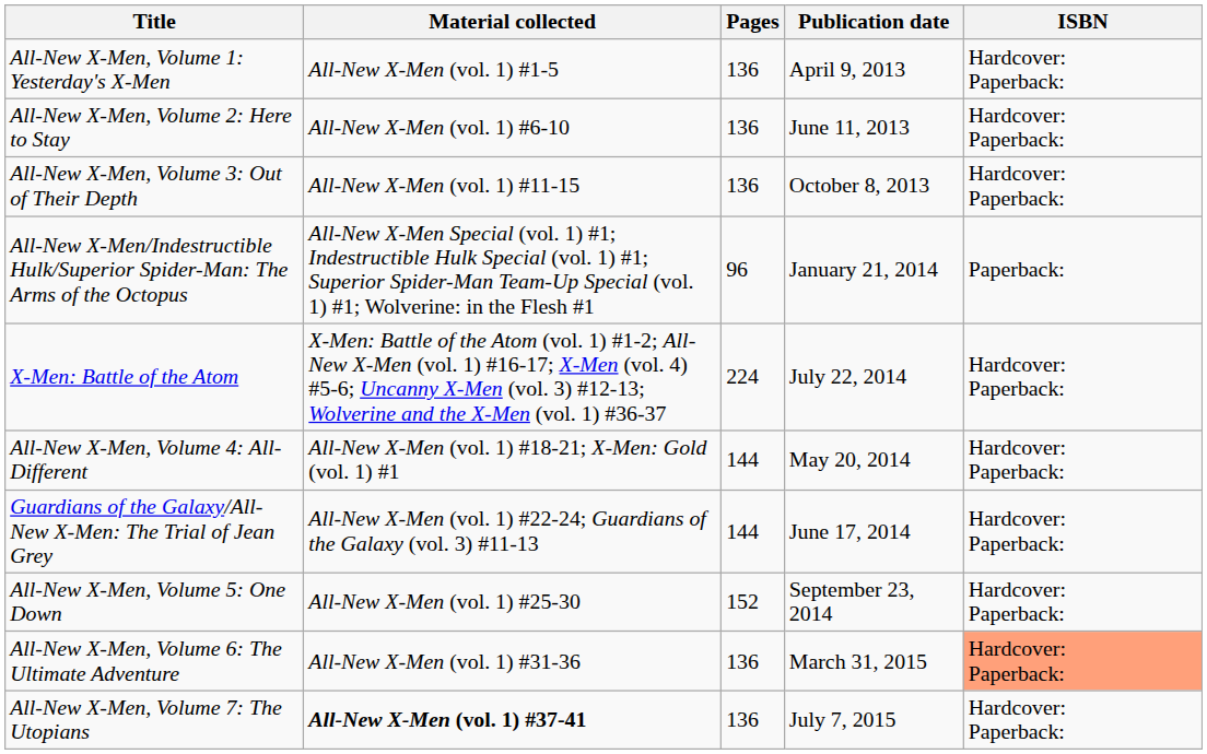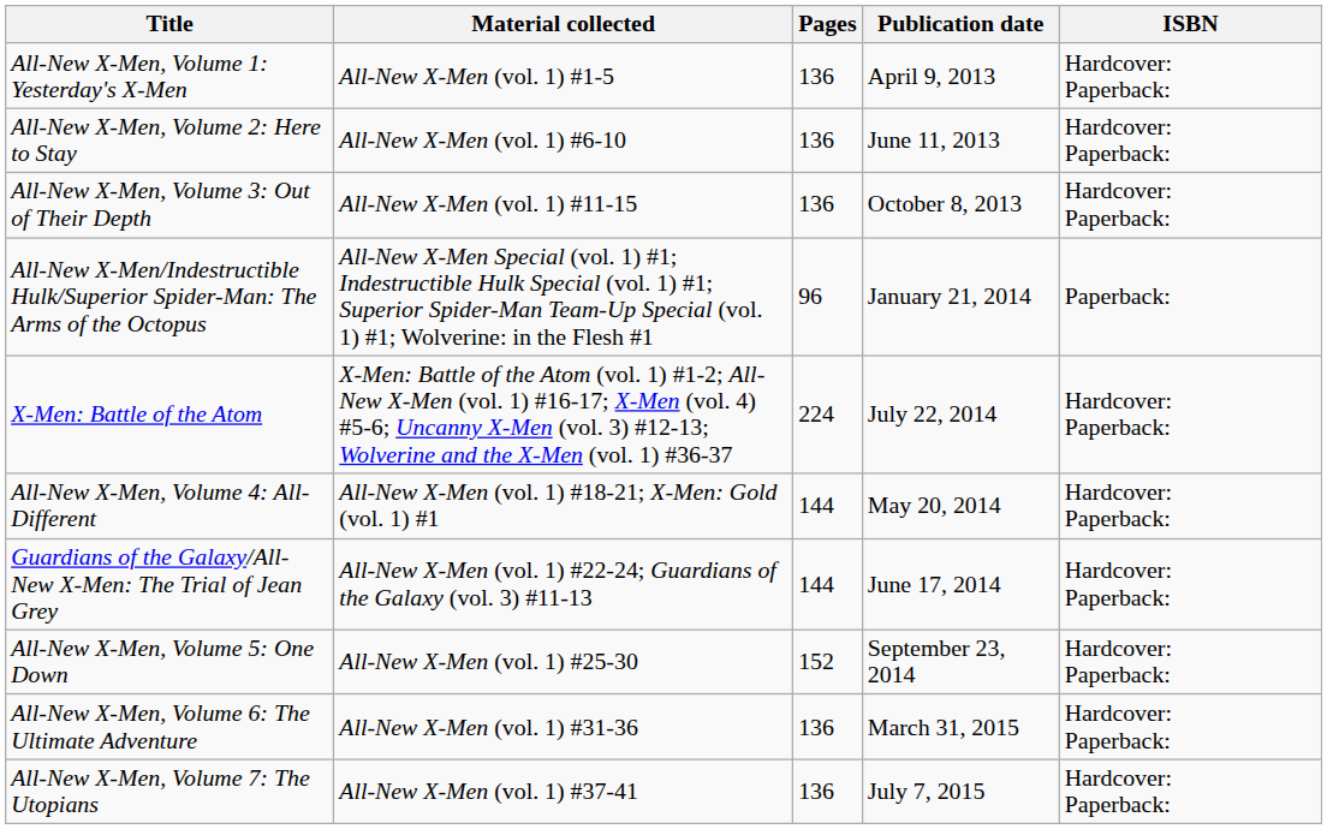 <table class="wikitable" width="100%">
 <tr>
 <th width="25%">Title</th>
 <th width="35%">Material collected</th>
 <th width="5%">Pages</th>
 <th width="15%">Publication date</th>
 <th width="20%">ISBN</th>
 </tr>
 <tr>
 <td><em>All-New X-Men, Volume 1: Yesterday's X-Men</em></td>
 <td><em>All-New X-Men</em> (vol. 1) #1-5</td>
 <td>136</td>
 <td>April 9, 2013</td>
 <td>Hardcover: <br>Paperback: </td>
 </tr>
 <tr>
 <td><em>All-New X-Men, Volume 2: Here to Stay</em></td>
 <td><em>All-New X-Men</em> (vol. 1) #6-10</td>
 <td>136</td>
 <td>June 11, 2013</td>
 <td>Hardcover: <br>Paperback: </td>
 </tr>
 <tr>
 <td><em>All-New X-Men, Volume 3: Out of Their Depth</em></td>
 <td><em>All-New X-Men</em> (vol. 1) #11-15</td>
 <td>136</td>
 <td>October 8, 2013</td>
 <td>Hardcover: <br>Paperback: </td>
 </tr>
 <tr>
 <td><em>All-New X-Men/Indestructible Hulk/Superior Spider-Man: The Arms of the Octopus</em></td>
 <td><em>All-New X-Men Special</em> (vol. 1) #1; <em>Indestructible Hulk Special</em> (vol. 1) #1; <em>Superior Spider-Man Team-Up Special</em> (vol. 1) #1; Wolverine: in the Flesh #1</td>
 <td>96</td>
 <td>January 21, 2014</td>
 <td>Paperback: </td>
 </tr>
 <tr>
 <td><em><a href='#'>X-Men: Battle of the Atom</a></em></td>
 <td><em>X-Men: Battle of the Atom</em> (vol. 1) #1-2; <em>All-New X-Men</em> (vol. 1) #16-17; <em><a href='#'>X-Men</a></em> (vol. 4) #5-6; <em><a href='#'>Uncanny X-Men</a></em> (vol. 3) #12-13; <em><a href='#'>Wolverine and the X-Men</a></em> (vol. 1) #36-37</td>
 <td>224</td>
 <td>July 22, 2014</td>
 <td>Hardcover: <br>Paperback: </td>
 </tr>
 <tr>
 <td><em>All-New X-Men, Volume 4: All-Different</em></td>
 <td><em>All-New X-Men</em> (vol. 1) #18-21; <em>X-Men: Gold</em> (vol. 1) #1</td>
 <td>144</td>
 <td>May 20, 2014</td>
 <td>Hardcover: <br>Paperback: </td>
 </tr>
 <tr>
 <td><em><a href='#'>Guardians of the Galaxy</a>/All-New X-Men: The Trial of Jean Grey</em></td>
 <td><em>All-New X-Men</em> (vol. 1) #22-24; <em>Guardians of the Galaxy</em> (vol. 3) #11-13</td>
 <td>144</td>
 <td>June 17, 2014</td>
 <td>Hardcover: <br>Paperback: </td>
 </tr>
 <tr>
 <td><em>All-New X-Men, Volume 5: One Down</em></td>
 <td><em>All-New X-Men</em> (vol. 1) #25-30</td>
 <td>152</td>
 <td>September 23, 2014</td>
 <td>Hardcover: <br>Paperback: </td>
 </tr>
 <tr>
 <td><em>All-New X-Men, Volume 6: The Ultimate Adventure</em></td>
 <td><em>All-New X-Men</em> (vol. 1) #31-36</td>
 <td>136</td>
 <td>March 31, 2015</td>
-<td style="background: lightsalmon;">Hardcover: <br>Paperback: </td>
+<td>Hardcover: <br>Paperback: </td>
 </tr>
 <tr>
 <td><em>All-New X-Men, Volume 7: The Utopians</em></td>
-<td><strong><em>All-New X-Men</em> (vol. 1) #37-41</strong></td>
+<td><em>All-New X-Men</em> (vol. 1) #37-41</td>
 <td>136</td>
 <td>July 7, 2015</td>
 <td>Hardcover: <br>Paperback: </td>
 </tr>
 </table>
